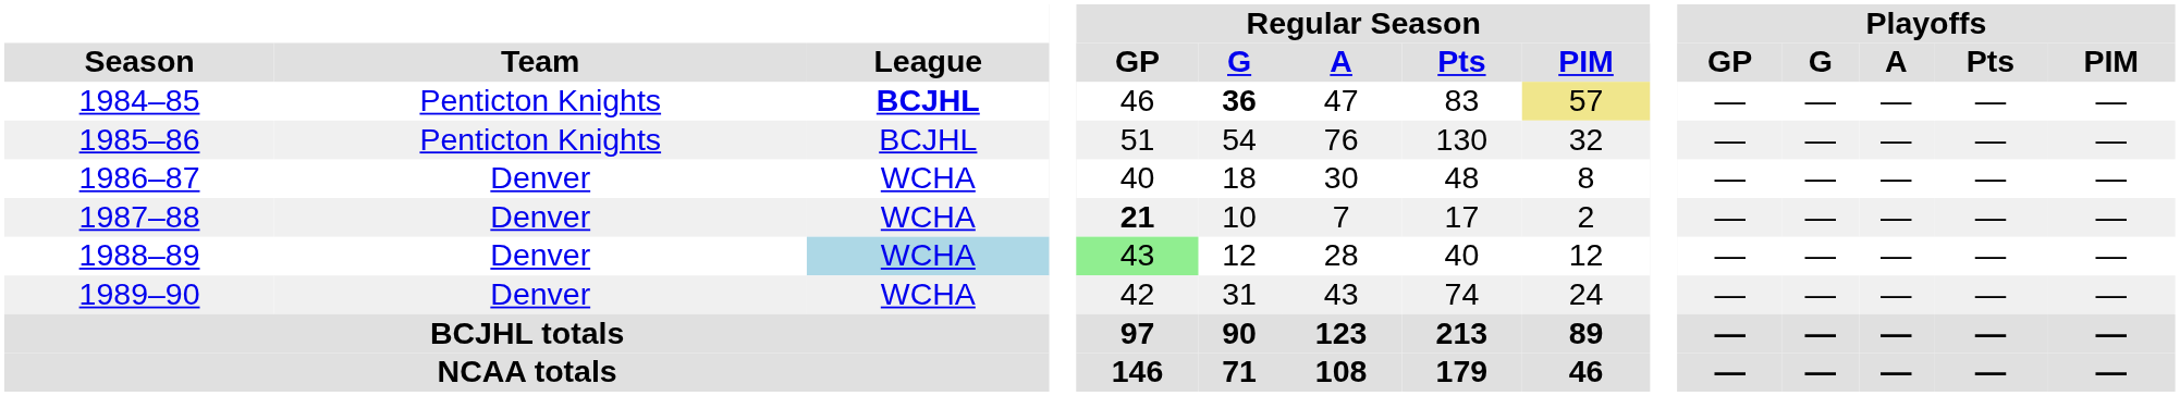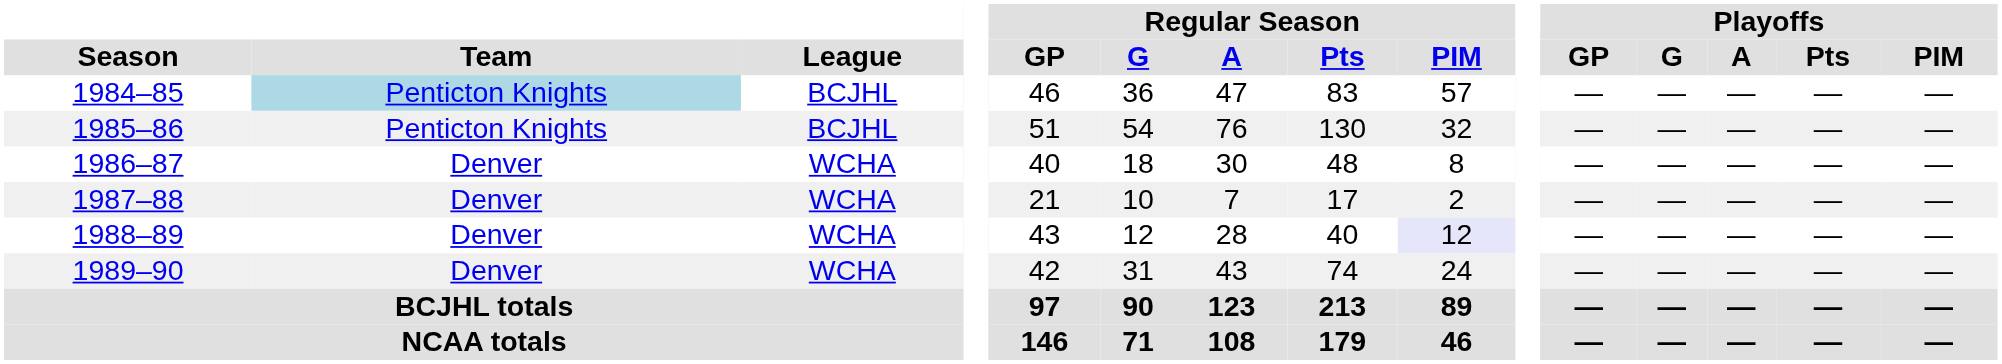 <table border="0" cellpadding="1" cellspacing="0" style="text-align:center; width:70em">
 <tr bgcolor="#e0e0e0">
 <th colspan="3"  bgcolor="#ffffff"> </th>
 <th rowspan="99" bgcolor="#ffffff"> </th>
 <th colspan="5">Regular Season</th>
 <th rowspan="99" bgcolor="#ffffff"> </th>
 <th colspan="5">Playoffs</th>
 </tr>
 <tr bgcolor="#e0e0e0">
 <th>Season</th>
 <th>Team</th>
 <th>League</th>
 <th>GP</th>
 <th><a href='#'>G</a></th>
 <th><a href='#'>A</a></th>
 <th><a href='#'>Pts</a></th>
 <th><a href='#'>PIM</a></th>
 <th>GP</th>
 <th>G</th>
 <th>A</th>
 <th>Pts</th>
 <th>PIM</th>
 </tr>
 <tr>
 <td><a href='#'>1984–85</a></td>
-<td><a href='#'>Penticton Knights</a></td>
-<td><strong><a href='#'>BCJHL</a></strong></td>
+<td style="background: lightblue;"><a href='#'>Penticton Knights</a></td>
+<td><a href='#'>BCJHL</a></td>
 <td>46</td>
-<td><strong>36</strong></td>
+<td>36</td>
 <td>47</td>
 <td>83</td>
-<td style="background: khaki;">57</td>
+<td>57</td>
 <td>—</td>
 <td>—</td>
 <td>—</td>
 <td>—</td>
 <td>—</td>
 </tr>
 <tr bgcolor="f0f0f0">
 <td><a href='#'>1985–86</a></td>
 <td><a href='#'>Penticton Knights</a></td>
 <td><a href='#'>BCJHL</a></td>
 <td>51</td>
 <td>54</td>
 <td>76</td>
 <td>130</td>
 <td>32</td>
 <td>—</td>
 <td>—</td>
 <td>—</td>
 <td>—</td>
 <td>—</td>
 </tr>
 <tr>
 <td><a href='#'>1986–87</a></td>
 <td><a href='#'>Denver</a></td>
 <td><a href='#'>WCHA</a></td>
 <td>40</td>
 <td>18</td>
 <td>30</td>
 <td>48</td>
 <td>8</td>
 <td>—</td>
 <td>—</td>
 <td>—</td>
 <td>—</td>
 <td>—</td>
 </tr>
 <tr bgcolor="f0f0f0">
 <td><a href='#'>1987–88</a></td>
 <td><a href='#'>Denver</a></td>
 <td><a href='#'>WCHA</a></td>
-<td><strong>21</strong></td>
+<td>21</td>
 <td>10</td>
 <td>7</td>
 <td>17</td>
 <td>2</td>
 <td>—</td>
 <td>—</td>
 <td>—</td>
 <td>—</td>
 <td>—</td>
 </tr>
 <tr>
 <td><a href='#'>1988–89</a></td>
 <td><a href='#'>Denver</a></td>
-<td style="background: lightblue;"><a href='#'>WCHA</a></td>
-<td style="background: lightgreen;">43</td>
+<td><a href='#'>WCHA</a></td>
+<td>43</td>
 <td>12</td>
 <td>28</td>
 <td>40</td>
-<td>12</td>
+<td style="background: lavender;">12</td>
 <td>—</td>
 <td>—</td>
 <td>—</td>
 <td>—</td>
 <td>—</td>
 </tr>
 <tr bgcolor="f0f0f0">
 <td><a href='#'>1989–90</a></td>
 <td><a href='#'>Denver</a></td>
 <td><a href='#'>WCHA</a></td>
 <td>42</td>
 <td>31</td>
 <td>43</td>
 <td>74</td>
 <td>24</td>
 <td>—</td>
 <td>—</td>
 <td>—</td>
 <td>—</td>
 <td>—</td>
 </tr>
 <tr bgcolor="#e0e0e0">
 <th colspan="3">BCJHL totals</th>
 <th>97</th>
 <th>90</th>
 <th>123</th>
 <th>213</th>
 <th>89</th>
 <th>—</th>
 <th>—</th>
 <th>—</th>
 <th>—</th>
 <th>—</th>
 </tr>
 <tr bgcolor="#e0e0e0">
 <th colspan="3">NCAA totals</th>
 <th>146</th>
 <th>71</th>
 <th>108</th>
 <th>179</th>
 <th>46</th>
 <th>—</th>
 <th>—</th>
 <th>—</th>
 <th>—</th>
 <th>—</th>
 </tr>
 </table>
